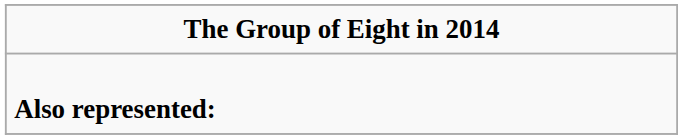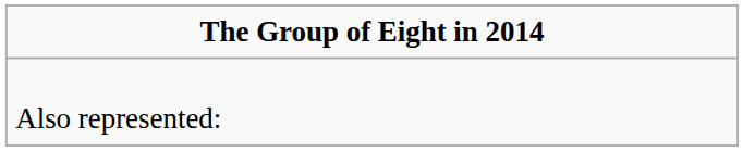 <table class="infobox" border="1" cellpadding="4" style="float: right; margin: 0 0 1em 1em; width: 25em; border-collapse: collapse; font-size: 90%; clear: right">
 <tr>
 <th>The Group of Eight in 2014</th>
 </tr>
 <tr>
-<td><strong><br>Also represented:</strong></td>
+<td><br>Also represented:</td>
 </tr>
 </table>
